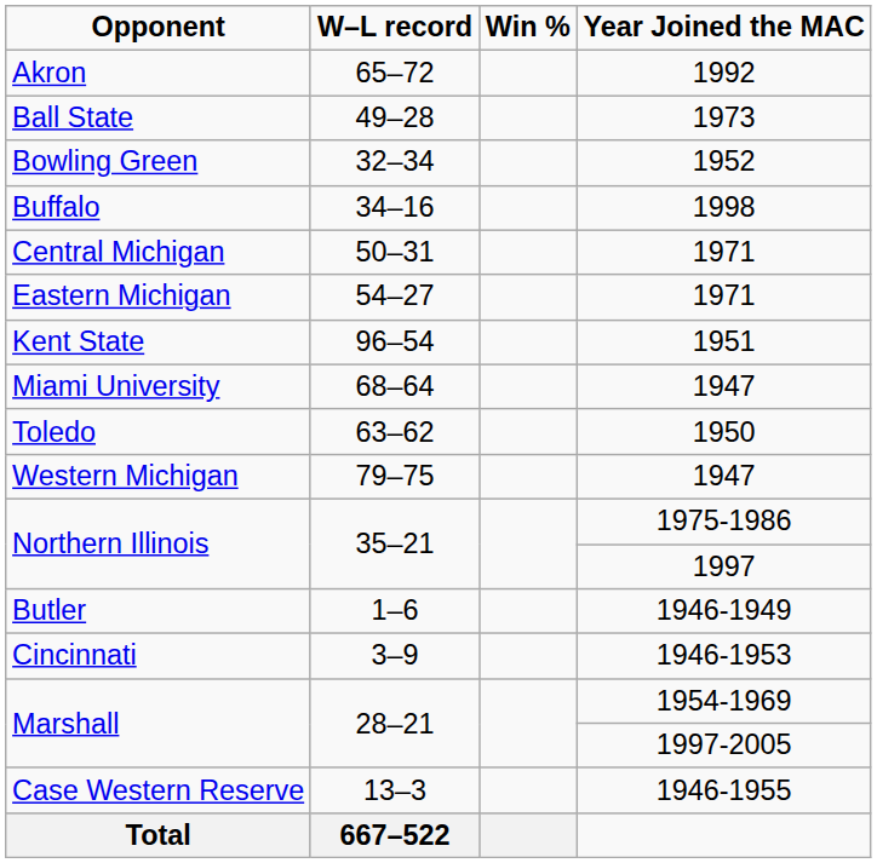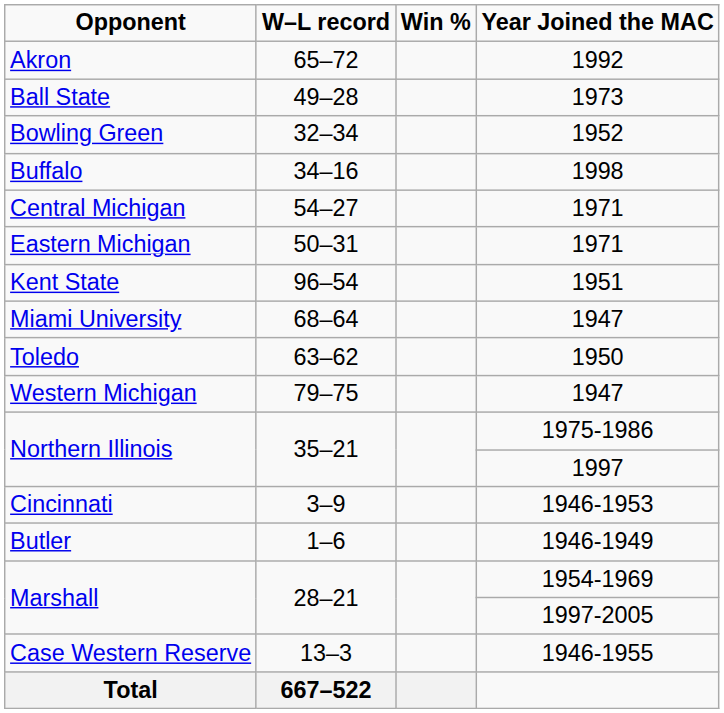 <table class="wikitable">
 <tr>
 <td align=center><span><strong>Opponent</strong></span></td>
 <td align=center><span><strong>W–L record</strong></span></td>
 <td align=center><span><strong>Win %</strong></span></td>
 <td align=center><span><strong>Year Joined the MAC</strong></span></td>
 </tr>
 <tr>
 <td><a href='#'>Akron</a></td>
 <td align=center>65–72</td>
 <td align="center"></td>
 <td align=center>1992</td>
 </tr>
 <tr>
 <td><a href='#'>Ball State</a></td>
 <td align=center>49–28</td>
 <td align="center"></td>
 <td align=center>1973</td>
 </tr>
 <tr>
 <td><a href='#'>Bowling Green</a></td>
 <td align=center>32–34</td>
 <td align="center"></td>
 <td align=center>1952</td>
 </tr>
 <tr>
 <td><a href='#'>Buffalo</a></td>
 <td align=center>34–16</td>
 <td align="center"></td>
 <td align=center>1998</td>
 </tr>
 <tr>
 <td><a href='#'>Central Michigan</a></td>
-<td align=center>50–31</td>
+<td align=center>54–27</td>
 <td align="center"></td>
 <td align=center>1971</td>
 </tr>
 <tr>
 <td><a href='#'>Eastern Michigan</a></td>
-<td align=center>54–27</td>
+<td align=center>50–31</td>
 <td align="center"></td>
 <td align=center>1971</td>
 </tr>
 <tr>
 <td><a href='#'>Kent State</a></td>
 <td align=center>96–54</td>
 <td align="center"></td>
 <td align=center>1951</td>
 </tr>
 <tr>
 <td><a href='#'>Miami University</a></td>
 <td align=center>68–64</td>
 <td align="center"></td>
 <td align=center>1947</td>
 </tr>
 <tr>
 <td><a href='#'>Toledo</a></td>
 <td align=center>63–62</td>
 <td align="center"></td>
 <td align=center>1950</td>
 </tr>
 <tr>
 <td><a href='#'>Western Michigan</a></td>
 <td align=center>79–75</td>
 <td align="center"></td>
 <td align=center>1947</td>
 </tr>
 <tr>
 <td rowspan="2"><a href='#'>Northern Illinois</a></td>
 <td rowspan="2" align="center">35–21</td>
 <td rowspan="2" align="center"></td>
 <td align="center">1975-1986</td>
 </tr>
 <tr>
 <td align="center">1997</td>
 </tr>
 <tr>
+<td><a href='#'>Cincinnati</a></td>
+<td align="center">3–9</td>
+<td align="center"></td>
+<td align="center">1946-1953</td>
+</tr>
+<tr>
 <td><a href='#'>Butler</a></td>
 <td align="center">1–6</td>
 <td align="center"></td>
 <td align="center">1946-1949</td>
-</tr>
-<tr>
-<td><a href='#'>Cincinnati</a></td>
-<td align="center">3–9</td>
-<td align="center"></td>
-<td align="center">1946-1953</td>
 </tr>
 <tr>
 <td rowspan="2"><a href='#'>Marshall</a></td>
 <td rowspan="2" align="center">28–21</td>
 <td rowspan="2" align="center"></td>
 <td align="center">1954-1969</td>
 </tr>
 <tr>
 <td align="center">1997-2005</td>
 </tr>
 <tr>
 <td><a href='#'>Case Western Reserve</a></td>
 <td align="center">13–3</td>
 <td align="center"></td>
 <td align="center">1946-1955</td>
 </tr>
 <tr>
 <th>Total</th>
 <th>667–522</th>
 <th></th>
 </tr>
 </table>
